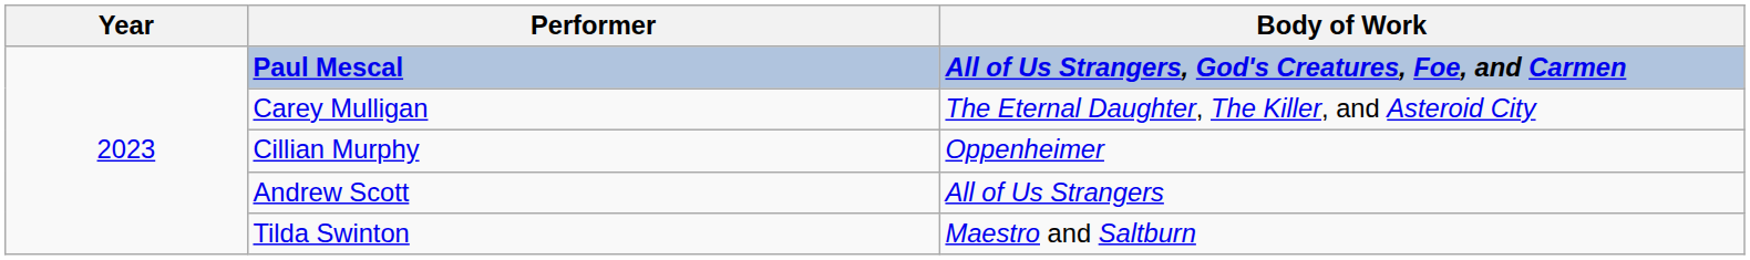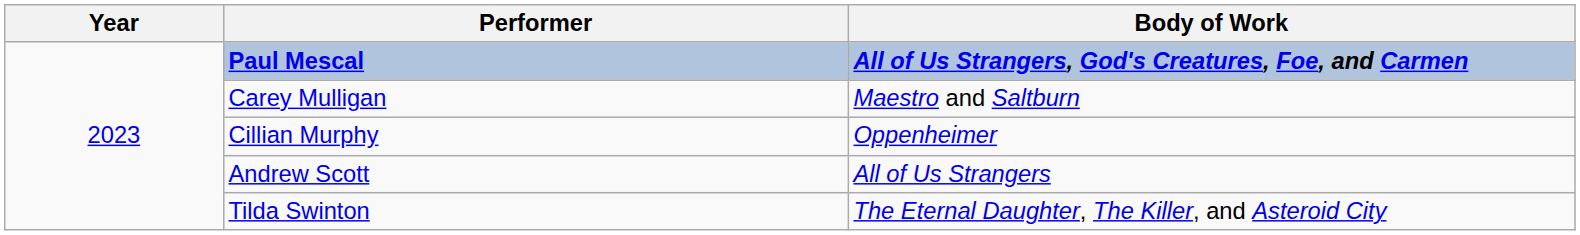 <table class="wikitable" width="84%" cellpadding="3">
 <tr>
 <th width="100"><strong>Year</strong></th>
 <th width="300"><strong>Performer</strong></th>
 <th width="350"><strong>Body of Work</strong></th>
 </tr>
 <tr>
 <td rowspan="10" style="text-align:center;"><a href='#'>2023</a></td>
 <td style="background:#B0C4DE;"><strong><a href='#'>Paul Mescal</a></strong></td>
 <td style="background:#B0C4DE;"><strong><em><a href='#'>All of Us Strangers</a><em>, </em><a href='#'>God's Creatures</a><em>, </em><a href='#'>Foe</a><em>, and </em><a href='#'>Carmen</a></em></strong></td>
 </tr>
 <tr>
 <td><a href='#'>Carey Mulligan</a></td>
-<td><em><a href='#'>The Eternal Daughter</a></em>, <em><a href='#'>The Killer</a></em>, and <em><a href='#'>Asteroid City</a></em></td>
+<td><em><a href='#'>Maestro</a></em> and <em><a href='#'>Saltburn</a></em></td>
 </tr>
 <tr>
 <td><a href='#'>Cillian Murphy</a></td>
 <td><em><a href='#'>Oppenheimer</a></em></td>
 </tr>
 <tr>
 <td><a href='#'>Andrew Scott</a></td>
 <td><em><a href='#'>All of Us Strangers</a></em></td>
 </tr>
 <tr>
 <td><a href='#'>Tilda Swinton</a></td>
-<td><em><a href='#'>Maestro</a></em> and <em><a href='#'>Saltburn</a></em></td>
+<td><em><a href='#'>The Eternal Daughter</a></em>, <em><a href='#'>The Killer</a></em>, and <em><a href='#'>Asteroid City</a></em></td>
 </tr>
 </table>
